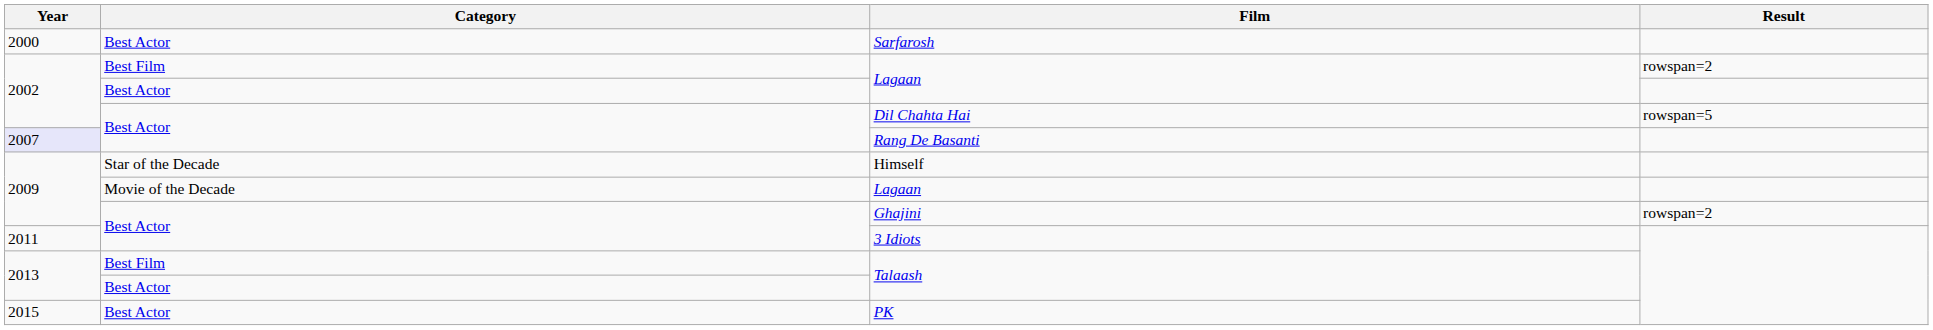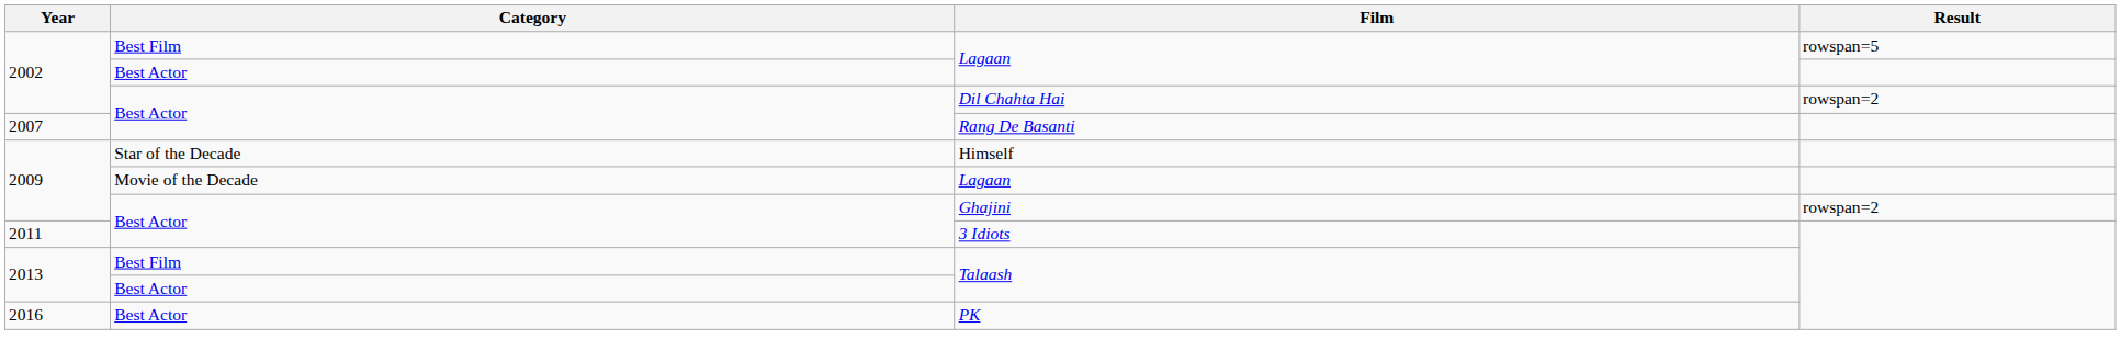 <table class="wikitable" style="width:100%;">
 <tr>
 <th width="5%">Year</th>
 <th style="width:40%;">Category</th>
 <th style="width:40%;">Film</th>
 <th style="width:15%;">Result</th>
 </tr>
 <tr>
-<td>2000</td>
-<td><a href='#'>Best Actor</a></td>
-<td><em><a href='#'>Sarfarosh</a></em></td>
-<td></td>
-</tr>
-<tr>
 <td rowspan="3">2002</td>
 <td><a href='#'>Best Film</a></td>
 <td rowspan="2"><em><a href='#'>Lagaan</a></em></td>
-<td>rowspan=2 </td>
+<td>rowspan=5 </td>
 </tr>
 <tr>
 <td><a href='#'>Best Actor</a></td>
 </tr>
 <tr>
 <td rowspan="2"><a href='#'>Best Actor</a></td>
 <td><em><a href='#'>Dil Chahta Hai</a></em></td>
-<td>rowspan=5 </td>
+<td>rowspan=2 </td>
 </tr>
 <tr>
-<td style="background: lavender;">2007</td>
+<td>2007</td>
 <td><em><a href='#'>Rang De Basanti</a></em></td>
 </tr>
 <tr>
 <td rowspan="3">2009</td>
 <td>Star of the Decade</td>
 <td>Himself</td>
 <td></td>
 </tr>
 <tr>
 <td>Movie of the Decade</td>
 <td><em><a href='#'>Lagaan</a></em></td>
 <td></td>
 </tr>
 <tr>
 <td rowspan="2"><a href='#'>Best Actor</a></td>
 <td><em><a href='#'>Ghajini</a></em></td>
 <td>rowspan=2 </td>
 </tr>
 <tr>
 <td>2011</td>
 <td><em><a href='#'>3 Idiots</a></em></td>
 </tr>
 <tr>
 <td rowspan="2">2013</td>
 <td><a href='#'>Best Film</a></td>
 <td rowspan="2"><em><a href='#'>Talaash</a></em></td>
 </tr>
 <tr>
 <td><a href='#'>Best Actor</a></td>
 </tr>
 <tr>
-<td>2015</td>
+<td>2016</td>
 <td><a href='#'>Best Actor</a></td>
 <td><em><a href='#'>PK</a></em></td>
 </tr>
 </table>
